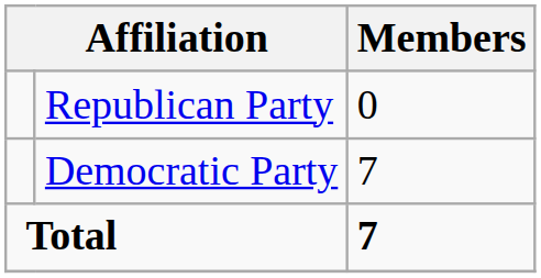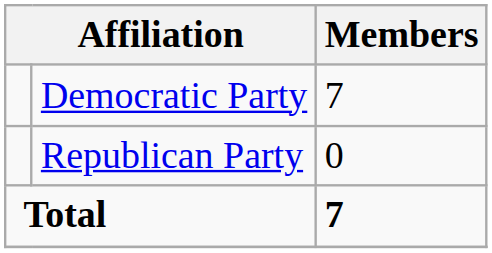 <table class="wikitable">
 <tr>
 <th colspan="2">Affiliation</th>
 <th>Members</th>
 </tr>
 <tr>
 <td style="background-color:"> </td>
-<td><a href='#'>Republican Party</a></td>
-<td>0</td>
+<td><a href='#'>Democratic Party</a></td>
+<td>7</td>
 </tr>
 <tr>
 <td style="background-color:"> </td>
-<td><a href='#'>Democratic Party</a></td>
-<td>7</td>
+<td><a href='#'>Republican Party</a></td>
+<td>0</td>
 </tr>
 <tr>
 <td colspan="2" rowspan="1"> <strong>Total</strong><br></td>
 <td><strong>7</strong></td>
 </tr>
 <tr>
 </tr>
 </table>
